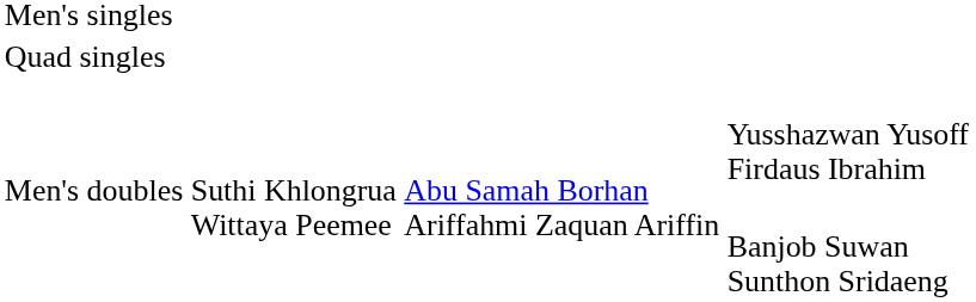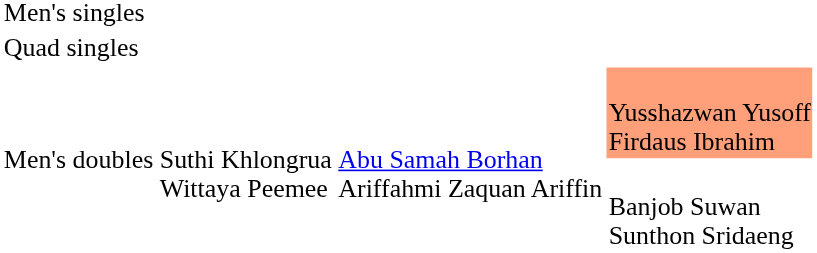 <table>
 <tr>
 <td rowspan="2">Men's singles</td>
 <td rowspan="2"></td>
 <td rowspan="2"></td>
 <td></td>
 </tr>
 <tr>
 <td></td>
 </tr>
 <tr>
 <td rowspan="2">Quad singles</td>
 <td rowspan="2"></td>
 <td rowspan="2"></td>
 <td></td>
 </tr>
 <tr>
 <td></td>
 </tr>
 <tr>
 <td rowspan="2">Men's doubles</td>
 <td rowspan="2"><br>Suthi Khlongrua<br>Wittaya Peemee</td>
 <td rowspan="2"><br><a href='#'>Abu Samah Borhan</a><br>Ariffahmi Zaquan Ariffin</td>
-<td><br>Yusshazwan Yusoff<br>Firdaus Ibrahim</td>
+<td style="background: lightsalmon;"><br>Yusshazwan Yusoff<br>Firdaus Ibrahim</td>
 </tr>
 <tr>
 <td><br>Banjob Suwan<br>Sunthon Sridaeng</td>
 </tr>
 </table>
